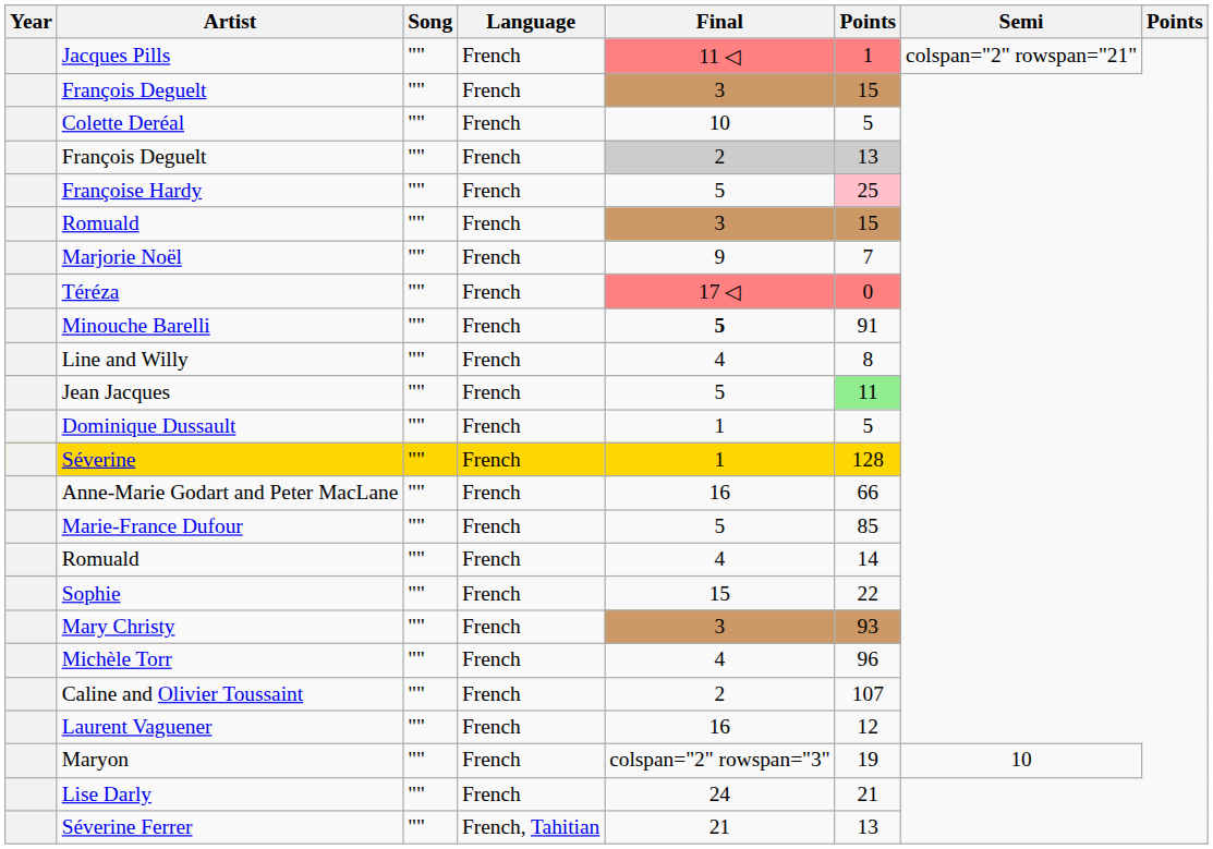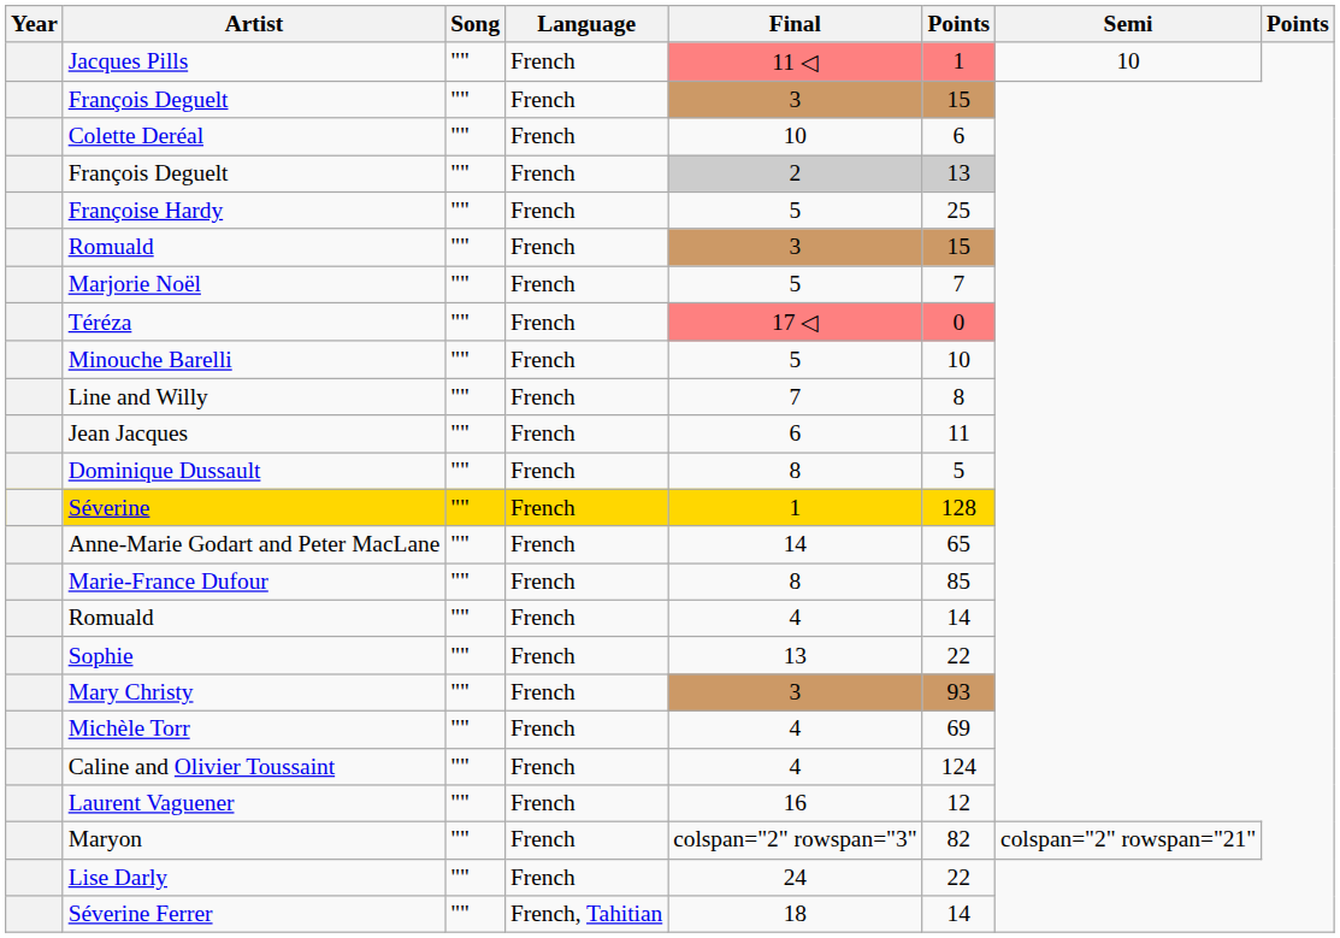 <table class="wikitable sortable plainrowheaders">
 <tr>
 <th scope="col">Year</th>
 <th scope="col">Artist</th>
 <th scope="col">Song</th>
 <th scope="col">Language</th>
 <th scope="col" data-sort-type="number">Final</th>
 <th scope="col" data-sort-type="number">Points</th>
 <th scope="col" data-sort-type="number">Semi</th>
 <th scope="col" data-sort-type="number">Points</th>
 </tr>
 <tr>
 <th scope="row" style="text-align:center;"></th>
 <td><a href='#'>Jacques Pills</a></td>
 <td>""</td>
 <td>French</td>
 <td style="text-align:center; background-color:#FE8080;">11 ◁</td>
 <td style="text-align:center; background-color:#FE8080;">1</td>
-<td>colspan="2" rowspan="21" </td>
+<td style="text-align:center;">10</td>
 </tr>
 <tr>
 <th scope="row" style="text-align:center;"></th>
 <td><a href='#'>François Deguelt</a></td>
 <td>""</td>
 <td>French</td>
 <td style="text-align:center; background-color:#C96;">3</td>
 <td style="text-align:center; background-color:#C96;">15</td>
 </tr>
 <tr>
 <th scope="row" style="text-align:center;"></th>
 <td><a href='#'>Colette Deréal</a></td>
 <td>""</td>
 <td>French</td>
 <td style="text-align:center;">10</td>
-<td style="text-align:center;">5</td>
+<td style="text-align:center;">6</td>
 </tr>
 <tr>
 <th scope="row" style="text-align:center;"></th>
 <td>François Deguelt</td>
 <td>""</td>
 <td>French</td>
 <td style="text-align:center; background-color:#CCC;">2</td>
 <td style="text-align:center; background-color:#CCC;">13</td>
 </tr>
 <tr>
 <th scope="row" style="text-align:center;"></th>
 <td><a href='#'>Françoise Hardy</a></td>
 <td>""</td>
 <td>French</td>
 <td style="text-align:center;">5</td>
-<td style="background: pink; text-align:center;">25</td>
+<td style="text-align:center;">25</td>
 </tr>
 <tr>
 <th scope="row" style="text-align:center;"></th>
 <td><a href='#'>Romuald</a></td>
 <td>""</td>
 <td>French</td>
 <td style="text-align:center; background-color:#C96;">3</td>
 <td style="text-align:center; background-color:#C96;">15</td>
 </tr>
 <tr>
 <th scope="row" style="text-align:center;"></th>
 <td><a href='#'>Marjorie Noël</a></td>
 <td>""</td>
 <td>French</td>
-<td style="text-align:center;">9</td>
+<td style="text-align:center;">5</td>
 <td style="text-align:center;">7</td>
 </tr>
 <tr>
 <th scope="row" style="text-align:center;"></th>
 <td><a href='#'>Téréza</a></td>
 <td>""</td>
 <td>French</td>
 <td style="text-align:center; background-color:#FE8080;">17 ◁</td>
 <td style="text-align:center; background-color:#FE8080;">0</td>
 </tr>
 <tr>
 <th scope="row" style="text-align:center;"></th>
 <td><a href='#'>Minouche Barelli</a></td>
 <td>""</td>
 <td>French</td>
-<td style="text-align:center;"><strong>5</strong></td>
-<td style="text-align:center;">91</td>
+<td style="text-align:center;">5</td>
+<td style="text-align:center;">10</td>
 </tr>
 <tr>
 <th scope="row" style="text-align:center;"></th>
 <td>Line and Willy</td>
 <td>""</td>
 <td>French</td>
-<td style="text-align:center;">4</td>
+<td style="text-align:center;">7</td>
 <td style="text-align:center;">8</td>
 </tr>
 <tr>
 <th scope="row" style="text-align:center;"></th>
 <td>Jean Jacques</td>
 <td>""</td>
 <td>French</td>
-<td style="text-align:center;">5</td>
-<td style="background: lightgreen; text-align:center;">11</td>
+<td style="text-align:center;">6</td>
+<td style="text-align:center;">11</td>
 </tr>
 <tr>
 <th scope="row" style="text-align:center;"></th>
 <td><a href='#'>Dominique Dussault</a></td>
 <td>""</td>
 <td>French</td>
-<td style="text-align:center;">1</td>
+<td style="text-align:center;">8</td>
 <td style="text-align:center;">5</td>
 </tr>
 <tr style="background-color:#FFD700;">
 <th scope="row" style="text-align:center;"></th>
 <td><a href='#'>Séverine</a></td>
 <td>""</td>
 <td>French</td>
 <td style="text-align:center;">1</td>
 <td style="text-align:center;">128</td>
 </tr>
 <tr>
 <th scope="row" style="text-align:center;"></th>
 <td>Anne-Marie Godart and Peter MacLane</td>
 <td>""</td>
 <td>French</td>
-<td style="text-align:center;">16</td>
-<td style="text-align:center;">66</td>
+<td style="text-align:center;">14</td>
+<td style="text-align:center;">65</td>
 </tr>
 <tr>
 <th scope="row" style="text-align:center;"></th>
 <td><a href='#'>Marie-France Dufour</a></td>
 <td>""</td>
 <td>French</td>
-<td style="text-align:center;">5</td>
+<td style="text-align:center;">8</td>
 <td style="text-align:center;">85</td>
 </tr>
 <tr>
 <th scope="row" style="text-align:center;"></th>
 <td>Romuald</td>
 <td>""</td>
 <td>French</td>
 <td style="text-align:center;">4</td>
 <td style="text-align:center;">14</td>
 </tr>
 <tr>
 <th scope="row" style="text-align:center;"></th>
 <td><a href='#'>Sophie</a></td>
 <td>""</td>
 <td>French</td>
-<td style="text-align:center;">15</td>
+<td style="text-align:center;">13</td>
 <td style="text-align:center;">22</td>
 </tr>
 <tr>
 <th scope="row" style="text-align:center;"></th>
 <td><a href='#'>Mary Christy</a></td>
 <td>""</td>
 <td>French</td>
 <td style="text-align:center; background-color:#C96;">3</td>
 <td style="text-align:center; background-color:#C96;">93</td>
 </tr>
 <tr>
 <th scope="row" style="text-align:center;"></th>
 <td><a href='#'>Michèle Torr</a></td>
 <td>""</td>
 <td>French</td>
 <td style="text-align:center;">4</td>
-<td style="text-align:center;">96</td>
+<td style="text-align:center;">69</td>
 </tr>
 <tr>
 <th scope="row" style="text-align:center;"></th>
 <td>Caline and <a href='#'>Olivier Toussaint</a></td>
 <td>""</td>
 <td>French</td>
-<td style="text-align:center;">2</td>
-<td style="text-align:center;">107</td>
+<td style="text-align:center;">4</td>
+<td style="text-align:center;">124</td>
 </tr>
 <tr>
 <th scope="row" style="text-align:center;"></th>
 <td><a href='#'>Laurent Vaguener</a></td>
 <td>""</td>
 <td>French</td>
 <td style="text-align:center;">16</td>
 <td style="text-align:center;">12</td>
 </tr>
 <tr>
 <th scope="row" style="text-align:center;"></th>
 <td>Maryon</td>
 <td>""</td>
 <td>French</td>
 <td>colspan="2" rowspan="3" </td>
-<td style="text-align:center;">19</td>
-<td style="text-align:center;">10</td>
+<td style="text-align:center;">82</td>
+<td>colspan="2" rowspan="21" </td>
 </tr>
 <tr>
 <th scope="row" style="text-align:center;"></th>
 <td><a href='#'>Lise Darly</a></td>
 <td>""</td>
 <td>French</td>
 <td style="text-align:center;">24</td>
-<td style="text-align:center;">21</td>
+<td style="text-align:center;">22</td>
 </tr>
 <tr>
 <th scope="row" style="text-align:center;"></th>
 <td><a href='#'>Séverine Ferrer</a></td>
 <td>""</td>
 <td>French, <a href='#'>Tahitian</a></td>
-<td style="text-align:center;">21</td>
-<td style="text-align:center;">13</td>
+<td style="text-align:center;">18</td>
+<td style="text-align:center;">14</td>
 </tr>
 </table>
